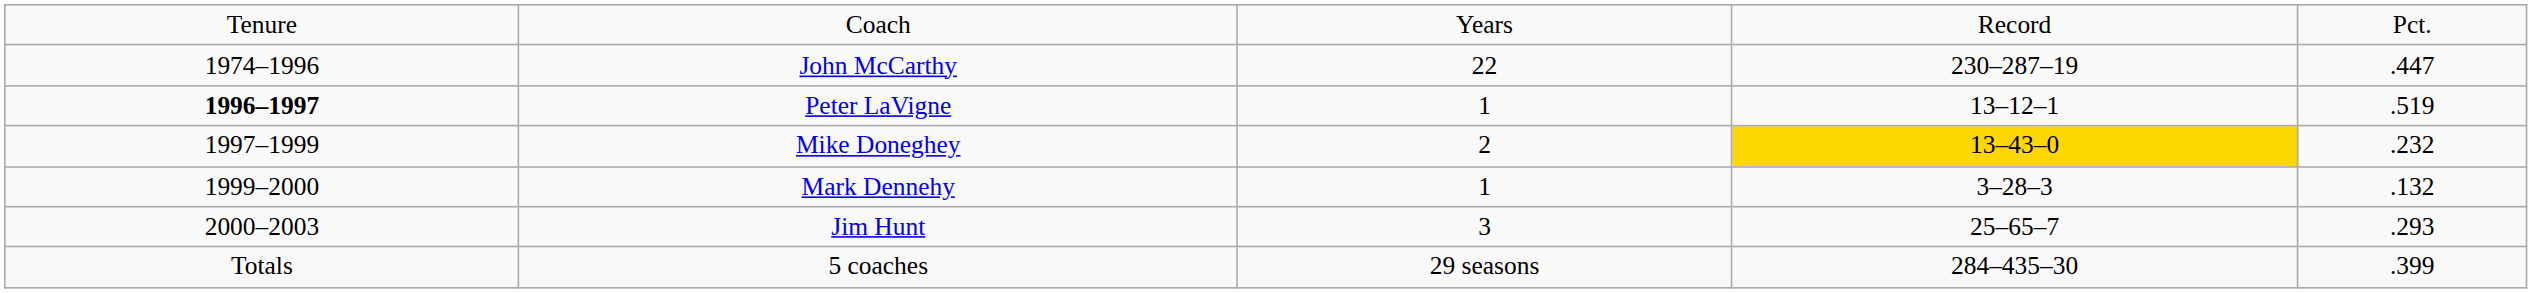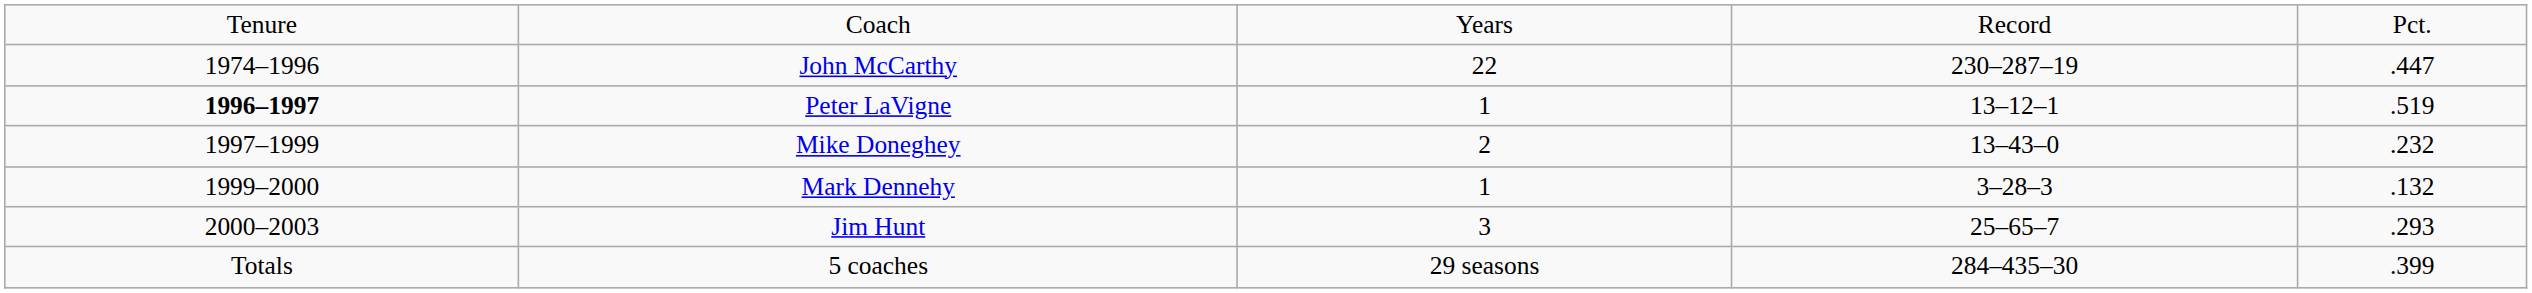 <table class="wikitable" width="80%">
 <tr align="center">
 <td>Tenure</td>
 <td>Coach</td>
 <td>Years</td>
 <td>Record</td>
 <td>Pct.</td>
 </tr>
 <tr align="center">
 <td>1974–1996</td>
 <td><a href='#'>John McCarthy</a></td>
 <td>22</td>
 <td>230–287–19</td>
 <td>.447</td>
 </tr>
 <tr align="center">
 <td><strong>1996–1997</strong></td>
 <td><a href='#'>Peter LaVigne</a></td>
 <td>1</td>
 <td>13–12–1</td>
 <td>.519</td>
 </tr>
 <tr align="center">
 <td>1997–1999</td>
 <td><a href='#'>Mike Doneghey</a></td>
 <td>2</td>
-<td style="background: gold;">13–43–0</td>
+<td>13–43–0</td>
 <td>.232</td>
 </tr>
 <tr align="center">
 <td>1999–2000</td>
 <td><a href='#'>Mark Dennehy</a></td>
 <td>1</td>
 <td>3–28–3</td>
 <td>.132</td>
 </tr>
 <tr align="center">
 <td>2000–2003</td>
 <td><a href='#'>Jim Hunt</a></td>
 <td>3</td>
 <td>25–65–7</td>
 <td>.293</td>
 </tr>
 <tr align="center">
 <td>Totals</td>
 <td>5 coaches</td>
 <td>29 seasons</td>
 <td>284–435–30</td>
 <td>.399</td>
 </tr>
 </table>
